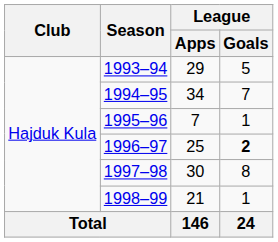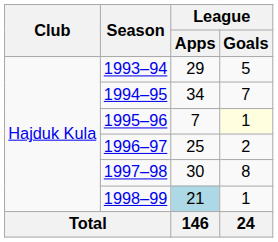 <table class="wikitable" style="text-align:center">
 <tr>
 <th rowspan="2">Club</th>
 <th rowspan="2">Season</th>
 <th colspan="2">League</th>
 </tr>
 <tr>
 <th>Apps</th>
 <th>Goals</th>
 </tr>
 <tr>
 <td rowspan="6"><a href='#'>Hajduk Kula</a></td>
 <td><a href='#'>1993–94</a></td>
 <td>29</td>
 <td>5</td>
 </tr>
 <tr>
 <td><a href='#'>1994–95</a></td>
 <td>34</td>
 <td>7</td>
 </tr>
 <tr>
 <td><a href='#'>1995–96</a></td>
 <td>7</td>
-<td>1</td>
+<td style="background: lightyellow;">1</td>
 </tr>
 <tr>
 <td><a href='#'>1996–97</a></td>
 <td>25</td>
-<td><strong>2</strong></td>
+<td>2</td>
 </tr>
 <tr>
 <td><a href='#'>1997–98</a></td>
 <td>30</td>
 <td>8</td>
 </tr>
 <tr>
 <td><a href='#'>1998–99</a></td>
-<td>21</td>
+<td style="background: lightblue;">21</td>
 <td>1</td>
 </tr>
 <tr>
 <th colspan=2>Total</th>
 <th>146</th>
 <th>24</th>
 </tr>
 </table>
